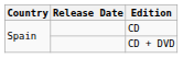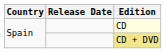 <table class="wikitable">
 <tr>
 <th>Country</th>
 <th>Release Date</th>
 <th>Edition</th>
 </tr>
 <tr>
 <td rowspan="2">Spain</td>
 <td></td>
-<td>CD</td>
+<td style="background: lightyellow;">CD</td>
 </tr>
 <tr>
 <td></td>
-<td>CD + DVD</td>
+<td style="background: khaki;">CD + DVD</td>
 </tr>
 </table>
